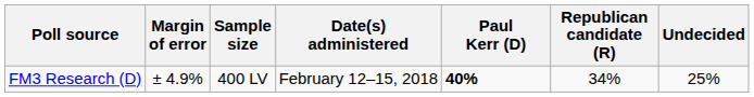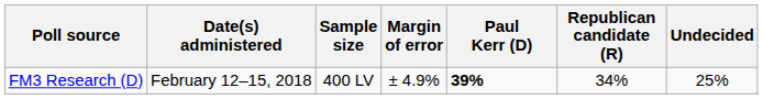 <table class="wikitable">
 <tr>
 <th>Poll source</th>
+<th>Date(s)<br>administered</th>
+<th>Sample<br>size</th>
 <th>Margin<br>of error</th>
-<th>Sample<br>size</th>
-<th>Date(s)<br>administered</th>
 <th style="width:100px;">Paul<br>Kerr (D)</th>
 <th style="width:100px;">Republican<br>candidate (R)</th>
 <th>Undecided</th>
 </tr>
 <tr>
 <td><a href='#'>FM3 Research (D)</a></td>
+<td style="text-align:center">February 12–15, 2018</td>
+<td style="text-align:center">400 LV</td>
 <td style="text-align:center">± 4.9%</td>
-<td style="text-align:center">400 LV</td>
-<td style="text-align:center">February 12–15, 2018</td>
-<td style="background-color:"><strong>40%</strong></td>
+<td style="background-color:"><strong>39%</strong></td>
 <td style="text-align:center">34%</td>
 <td style="text-align:center">25%</td>
 </tr>
 </table>
